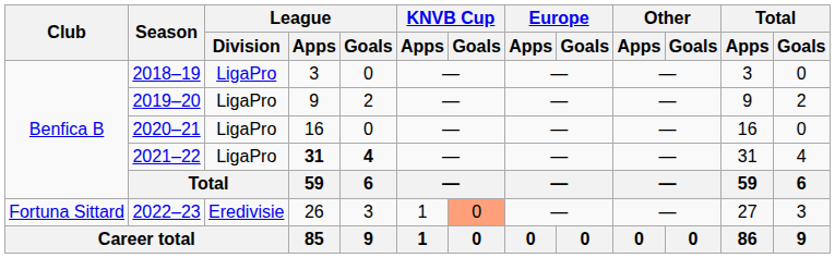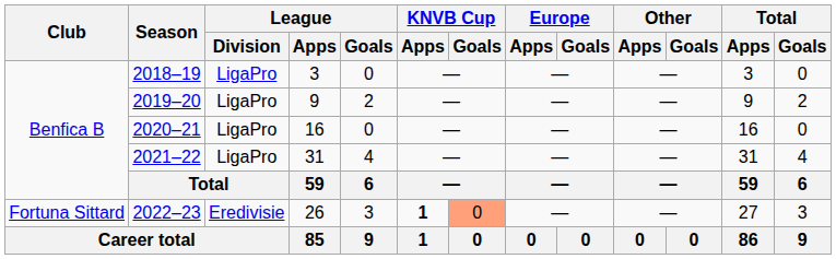 <table class="wikitable" style="text-align:center">
 <tr>
 <th rowspan="2">Club</th>
 <th rowspan="2">Season</th>
 <th colspan="3">League</th>
 <th colspan="2"><a href='#'>KNVB Cup</a></th>
 <th colspan="2"><a href='#'>Europe</a></th>
 <th colspan="2">Other</th>
 <th colspan="2">Total</th>
 </tr>
 <tr>
 <th>Division</th>
 <th>Apps</th>
 <th>Goals</th>
 <th>Apps</th>
 <th>Goals</th>
 <th>Apps</th>
 <th>Goals</th>
 <th>Apps</th>
 <th>Goals</th>
 <th>Apps</th>
 <th>Goals</th>
 </tr>
 <tr>
 <td rowspan="5"><a href='#'>Benfica B</a></td>
 <td><a href='#'>2018–19</a></td>
 <td><a href='#'>LigaPro</a></td>
 <td>3</td>
 <td>0</td>
 <td colspan="2">—</td>
 <td colspan="2">—</td>
 <td colspan="2">—</td>
 <td>3</td>
 <td>0</td>
 </tr>
 <tr>
 <td><a href='#'>2019–20</a></td>
 <td>LigaPro</td>
 <td>9</td>
 <td>2</td>
 <td colspan="2">—</td>
 <td colspan="2">—</td>
 <td colspan="2">—</td>
 <td>9</td>
 <td>2</td>
 </tr>
 <tr>
 <td><a href='#'>2020–21</a></td>
 <td>LigaPro</td>
 <td>16</td>
 <td>0</td>
 <td colspan="2">—</td>
 <td colspan="2">—</td>
 <td colspan="2">—</td>
 <td>16</td>
 <td>0</td>
 </tr>
 <tr>
 <td><a href='#'>2021–22</a></td>
 <td>LigaPro</td>
-<td><strong>31</strong></td>
-<td><strong>4</strong></td>
+<td>31</td>
+<td>4</td>
 <td colspan="2">—</td>
 <td colspan="2">—</td>
 <td colspan="2">—</td>
 <td>31</td>
 <td>4</td>
 </tr>
 <tr>
 <th colspan="2">Total</th>
 <th>59</th>
 <th>6</th>
 <th colspan="2">—</th>
 <th colspan="2">—</th>
 <th colspan="2">—</th>
 <th>59</th>
 <th>6</th>
 </tr>
 <tr>
 <td rowspan="1"><a href='#'>Fortuna Sittard</a></td>
 <td><a href='#'>2022–23</a></td>
 <td><a href='#'>Eredivisie</a></td>
 <td>26</td>
 <td>3</td>
-<td>1</td>
+<td><strong>1</strong></td>
 <td style="background: lightsalmon;">0</td>
 <td colspan="2">—</td>
 <td colspan="2">—</td>
 <td>27</td>
 <td>3</td>
 </tr>
 <tr>
 <th colspan="3">Career total</th>
 <th>85</th>
 <th>9</th>
 <th>1</th>
 <th>0</th>
 <th>0</th>
 <th>0</th>
 <th>0</th>
 <th>0</th>
 <th>86</th>
 <th>9</th>
 </tr>
 </table>
